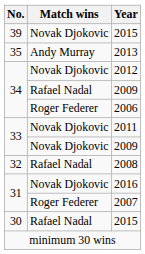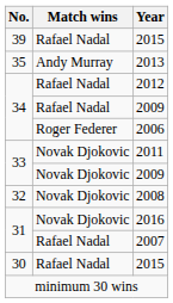 <table class="wikitable nowrap" style="display:inline-table">
 <tr>
 <th scope="col" style="width:20">No.</th>
 <th scope="col">Match wins</th>
 <th scope="col">Year</th>
 </tr>
 <tr>
 <td style="text-align:center;">39</td>
-<td> Novak Djokovic</td>
+<td> Rafael Nadal</td>
 <td>2015</td>
 </tr>
 <tr>
 <td style="text-align:center;">35</td>
 <td> Andy Murray</td>
 <td>2013</td>
 </tr>
 <tr>
 <td rowspan="3" style="text-align:center;">34</td>
-<td> Novak Djokovic</td>
+<td> Rafael Nadal</td>
 <td>2012</td>
 </tr>
 <tr>
 <td> Rafael Nadal</td>
 <td>2009</td>
 </tr>
 <tr>
 <td> Roger Federer</td>
 <td>2006</td>
 </tr>
 <tr>
 <td rowspan="2" style="text-align:center;">33</td>
 <td> Novak Djokovic</td>
 <td>2011</td>
 </tr>
 <tr>
 <td> Novak Djokovic</td>
 <td>2009</td>
 </tr>
 <tr>
 <td style="text-align:center;">32</td>
-<td> Rafael Nadal</td>
+<td> Novak Djokovic</td>
 <td>2008</td>
 </tr>
 <tr>
 <td rowspan="2" style="text-align:center;">31</td>
 <td> Novak Djokovic</td>
 <td>2016</td>
 </tr>
 <tr>
-<td> Roger Federer</td>
+<td> Rafael Nadal</td>
 <td>2007</td>
 </tr>
 <tr>
 <td style="text-align:center;">30</td>
 <td> Rafael Nadal</td>
 <td>2015</td>
 </tr>
 <tr>
 <td colspan=3 style="text-align:center;">minimum 30 wins</td>
 </tr>
 </table>
